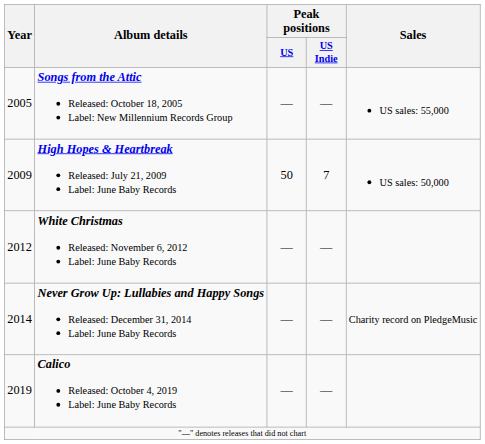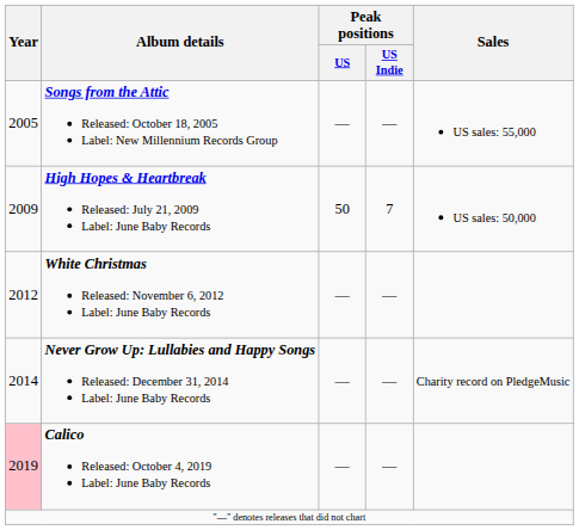 <table class="wikitable" style="text-align:center;">
 <tr>
 <th rowspan="2">Year</th>
 <th rowspan="2">Album details</th>
 <th colspan="2">Peak positions</th>
 <th rowspan="2">Sales</th>
 </tr>
 <tr style="font-size:smaller;">
 <th style="width:45px;"><a href='#'>US</a><br></th>
 <th style="width:45px;"><a href='#'>US<br>Indie</a><br></th>
 </tr>
 <tr>
 <td>2005</td>
 <td style="text-align:left;"><strong><em><a href='#'>Songs from the Attic</a></em></strong><br><ul><li><small>Released: October 18, 2005</small></li><li><small>Label: New Millennium Records Group</small></li></ul></td>
 <td>—</td>
 <td>—</td>
 <td style="text-align:left;"><br><ul><li><small>US sales: 55,000</small></li></ul></td>
 </tr>
 <tr>
 <td>2009</td>
 <td style="text-align:left;"><strong><em><a href='#'>High Hopes & Heartbreak</a></em></strong><br><ul><li><small>Released: July 21, 2009</small></li><li><small>Label: June Baby Records</small></li></ul></td>
 <td>50</td>
 <td>7</td>
 <td style="text-align:left;"><br><ul><li><small>US sales: 50,000</small></li></ul></td>
 </tr>
 <tr>
 <td>2012</td>
 <td style="text-align:left;"><strong><em>White Christmas</em></strong><br><ul><li><small>Released: November 6, 2012</small></li><li><small>Label: June Baby Records</small></li></ul></td>
 <td>—</td>
 <td>—</td>
 <td style="text-align:left;"></td>
 </tr>
 <tr>
 <td>2014</td>
 <td style="text-align:left;"><strong><em>Never Grow Up: Lullabies and Happy Songs</em></strong><br><ul><li><small>Released: December 31, 2014</small></li><li><small>Label: June Baby Records</small></li></ul></td>
 <td>—</td>
 <td>—</td>
 <td style="text-align:left;"><small>Charity record on PledgeMusic</small></td>
 </tr>
 <tr>
-<td>2019</td>
+<td style="background: pink;">2019</td>
 <td style="text-align:left;"><strong><em>Calico</em></strong><br><ul><li><small>Released:  October 4, 2019</small></li><li><small>Label: June Baby Records</small></li></ul></td>
 <td>—</td>
 <td>—</td>
 <td style="text-align:left;"></td>
 </tr>
 <tr>
 <td colspan="10" style="font-size:8pt">"—" denotes releases that did not chart</td>
 </tr>
 </table>
